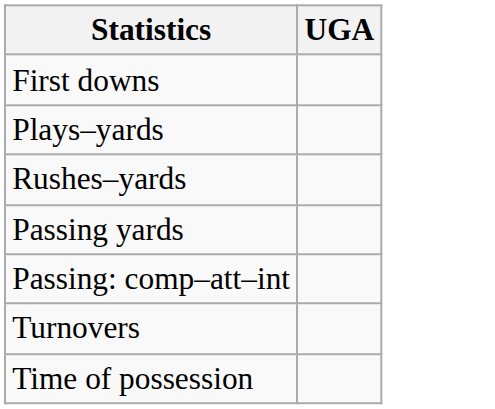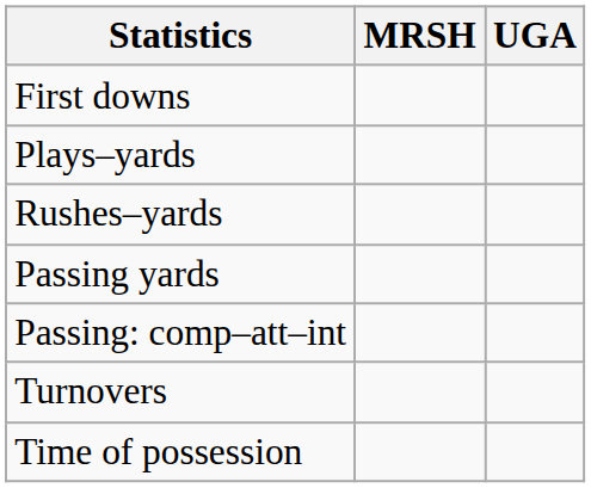 <table class="wikitable" style="float:left">
 <tr>
 <th>Statistics</th>
+<th>MRSH</th>
 <th>UGA</th>
 </tr>
 <tr>
 <td>First downs</td>
 <td></td>
+<td></td>
 </tr>
 <tr>
 <td>Plays–yards</td>
+<td></td>
 <td></td>
 </tr>
 <tr>
 <td>Rushes–yards</td>
 <td></td>
+<td></td>
 </tr>
 <tr>
 <td>Passing yards</td>
+<td></td>
 <td></td>
 </tr>
 <tr>
 <td>Passing: comp–att–int</td>
 <td></td>
+<td></td>
 </tr>
 <tr>
 <td>Turnovers</td>
+<td></td>
 <td></td>
 </tr>
 <tr>
 <td>Time of possession</td>
 <td></td>
+<td></td>
 </tr>
 </table>
